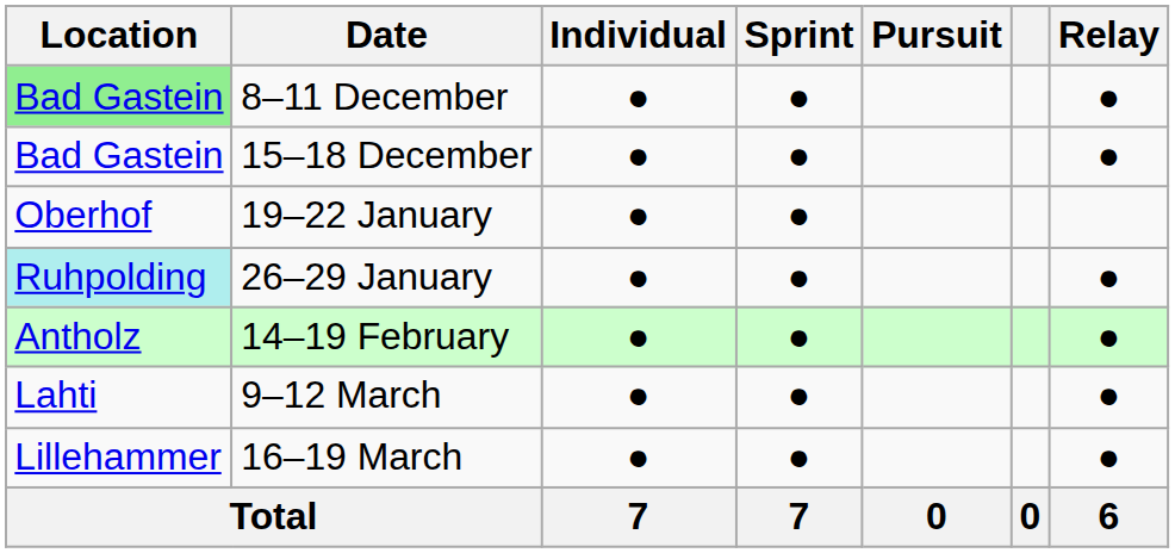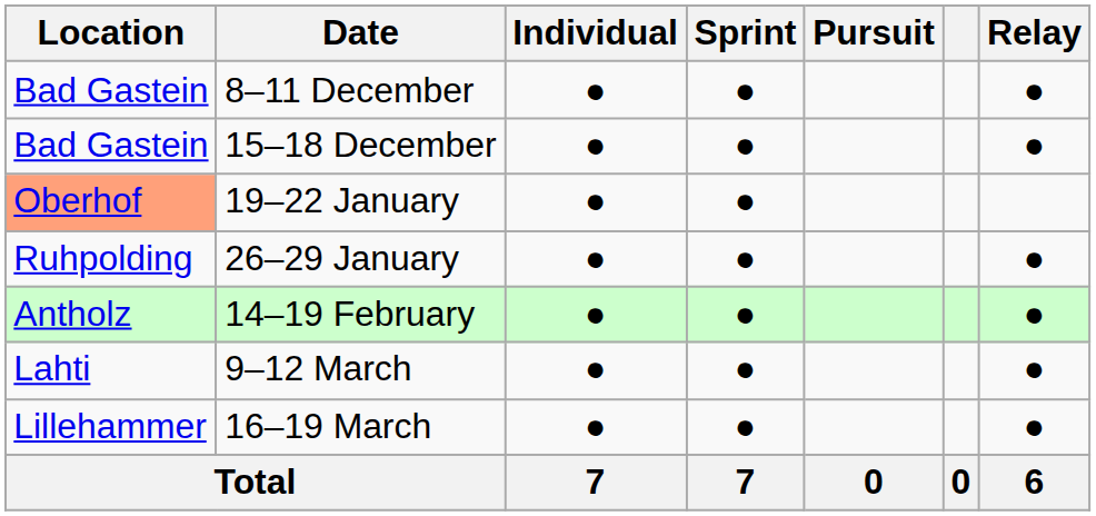 <table class="wikitable" border="1">
 <tr>
 <th>Location</th>
 <th>Date</th>
 <th>Individual</th>
 <th>Sprint</th>
 <th>Pursuit</th>
 <th></th>
 <th>Relay</th>
 </tr>
 <tr align=center>
-<td align=left style="background: lightgreen;"> <a href='#'>Bad Gastein</a></td>
+<td align=left> <a href='#'>Bad Gastein</a></td>
 <td align=left>8–11 December</td>
 <td>●</td>
 <td>●</td>
 <td></td>
 <td></td>
 <td>●</td>
 </tr>
 <tr align=center>
 <td align=left> <a href='#'>Bad Gastein</a></td>
 <td align=left>15–18 December</td>
 <td>●</td>
 <td>●</td>
 <td></td>
 <td></td>
 <td>●</td>
 </tr>
 <tr align=center>
-<td align=left> <a href='#'>Oberhof</a></td>
+<td align=left style="background: lightsalmon;"> <a href='#'>Oberhof</a></td>
 <td align=left>19–22 January</td>
 <td>●</td>
 <td>●</td>
 <td></td>
 <td></td>
 <td></td>
 </tr>
 <tr align=center>
-<td align=left style="background: paleturquoise;"> <a href='#'>Ruhpolding</a></td>
+<td align=left> <a href='#'>Ruhpolding</a></td>
 <td align=left>26–29 January</td>
 <td>●</td>
 <td>●</td>
 <td></td>
 <td></td>
 <td>●</td>
 </tr>
 <tr align=center  style="background:#ccffcc">
 <td align=left> <a href='#'>Antholz</a></td>
 <td align=left>14–19 February</td>
 <td>●</td>
 <td>●</td>
 <td></td>
 <td></td>
 <td>●</td>
 </tr>
 <tr align=center>
 <td align=left> <a href='#'>Lahti</a></td>
 <td align=left>9–12 March</td>
 <td>●</td>
 <td>●</td>
 <td></td>
 <td></td>
 <td>●</td>
 </tr>
 <tr align=center>
 <td align=left> <a href='#'>Lillehammer</a></td>
 <td align=left>16–19 March</td>
 <td>●</td>
 <td>●</td>
 <td></td>
 <td></td>
 <td>●</td>
 </tr>
 <tr align=center>
 <th colspan="2">Total</th>
 <th>7</th>
 <th>7</th>
 <th>0</th>
 <th>0</th>
 <th>6</th>
 </tr>
 </table>
